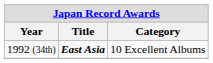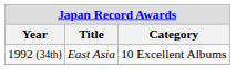 <table class="wikitable" border="1">
 <tr>
 <td colspan=3 bgcolor="#DDDDDD" align=center><strong><a href='#'>Japan Record Awards</a></strong></td>
 </tr>
 <tr>
 <th align="center">Year</th>
 <th align="center">Title</th>
 <th align="center">Category</th>
 </tr>
 <tr>
 <td !align="center">1992 <small>(34th)</small></td>
-<td align="left"><strong><em>East Asia</em></strong></td>
+<td align="left"><em>East Asia</em></td>
 <td align="left">10 Excellent Albums</td>
 </tr>
 <tr>
 </tr>
 </table>
